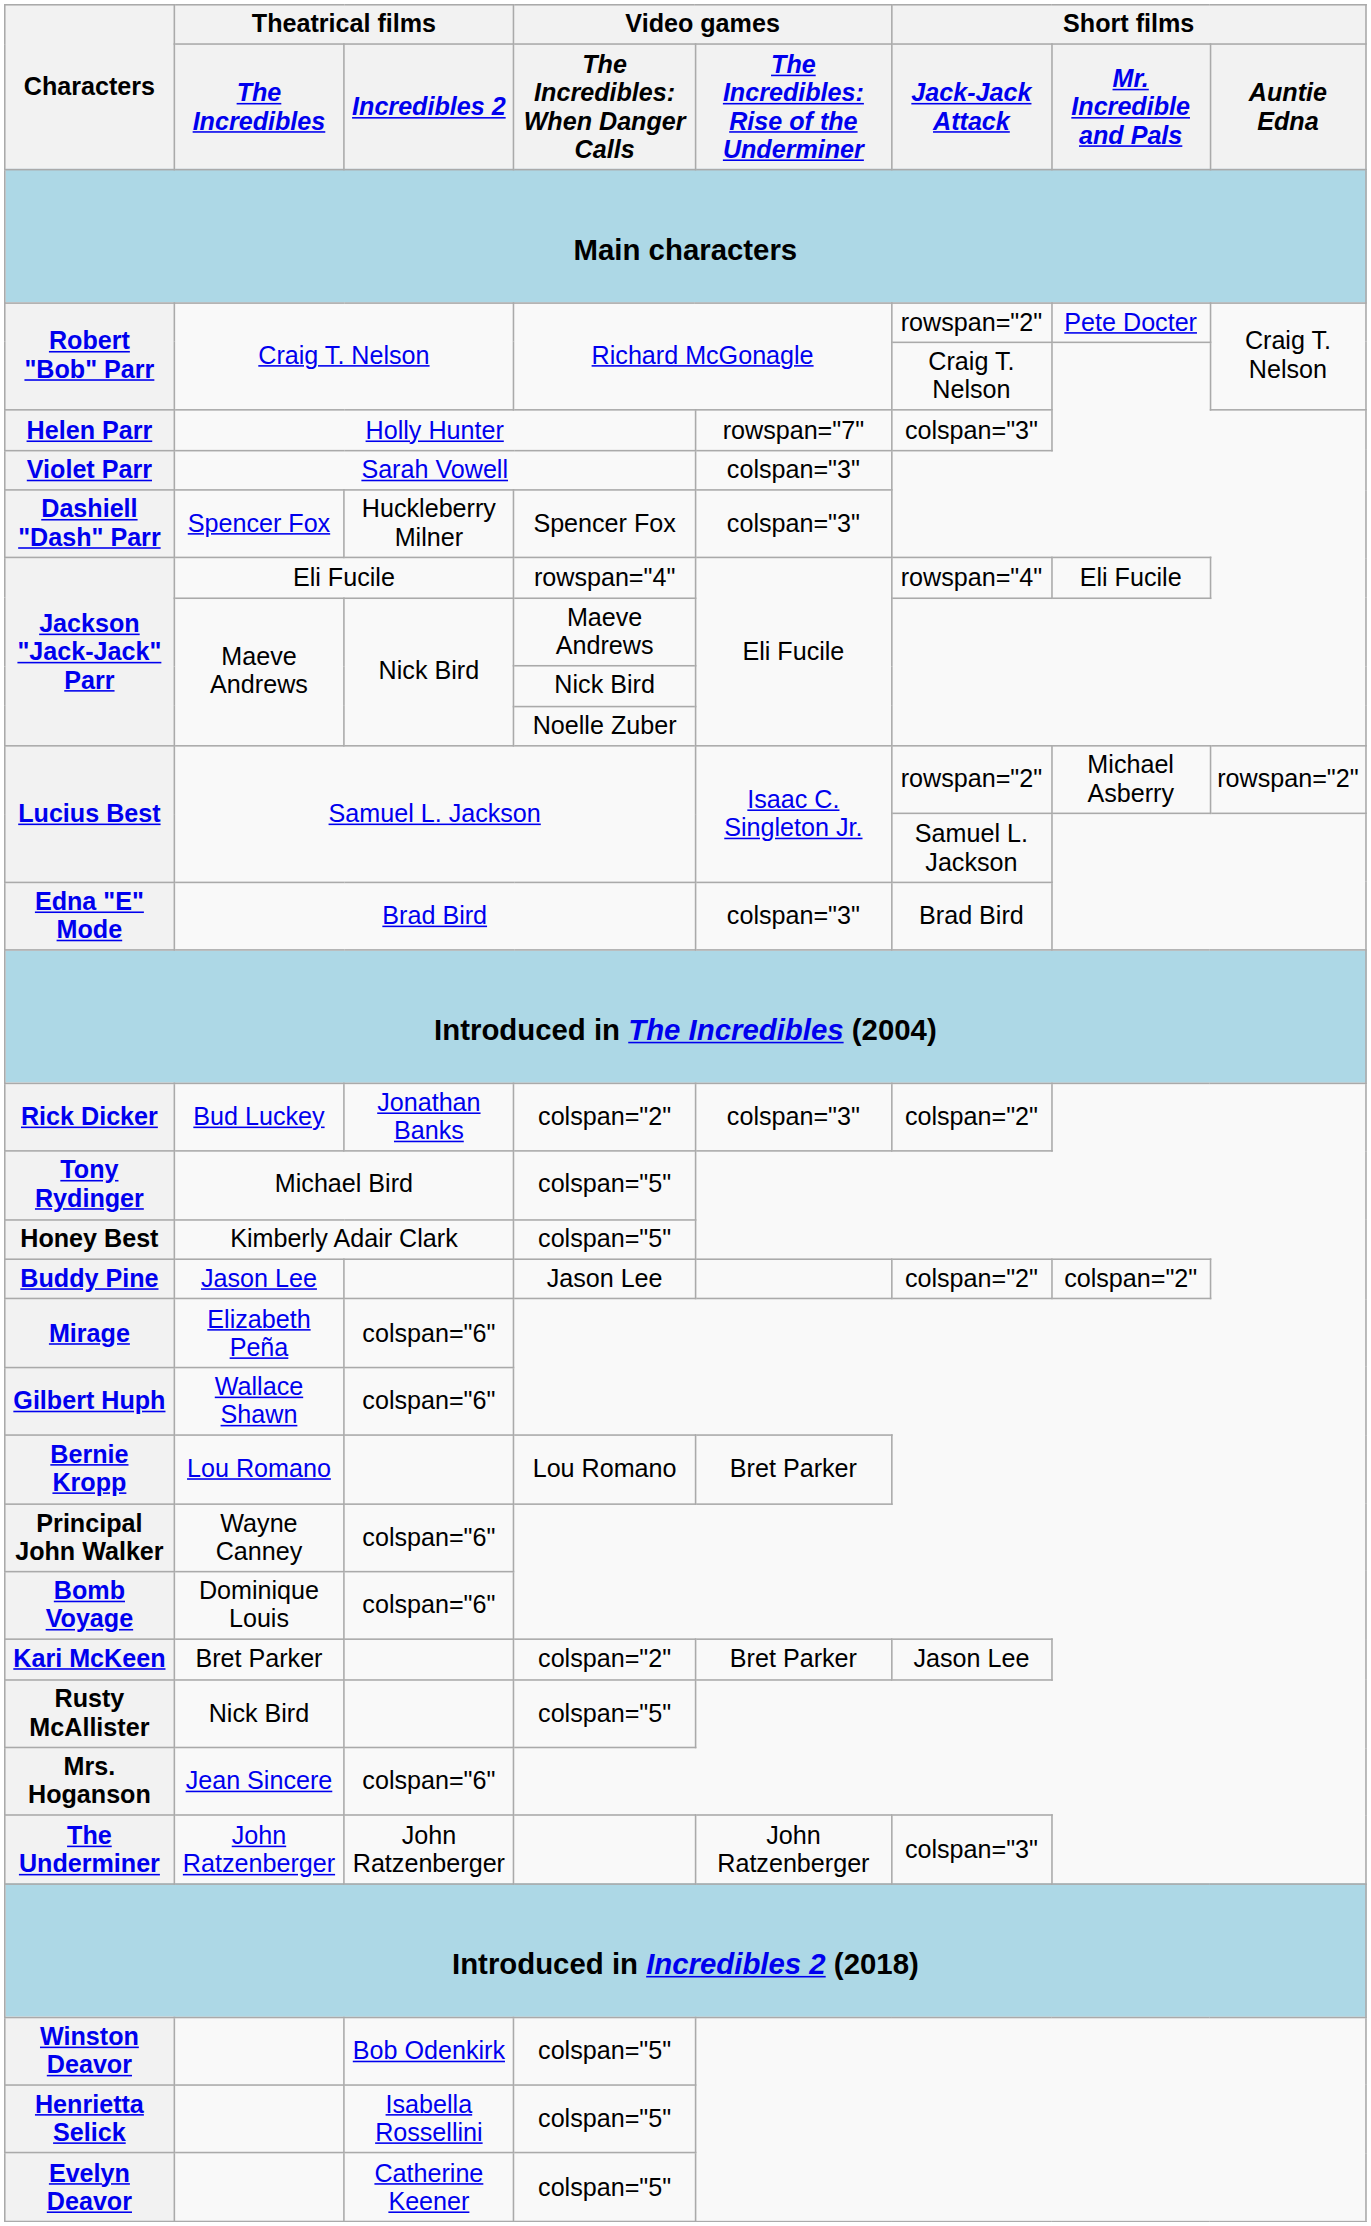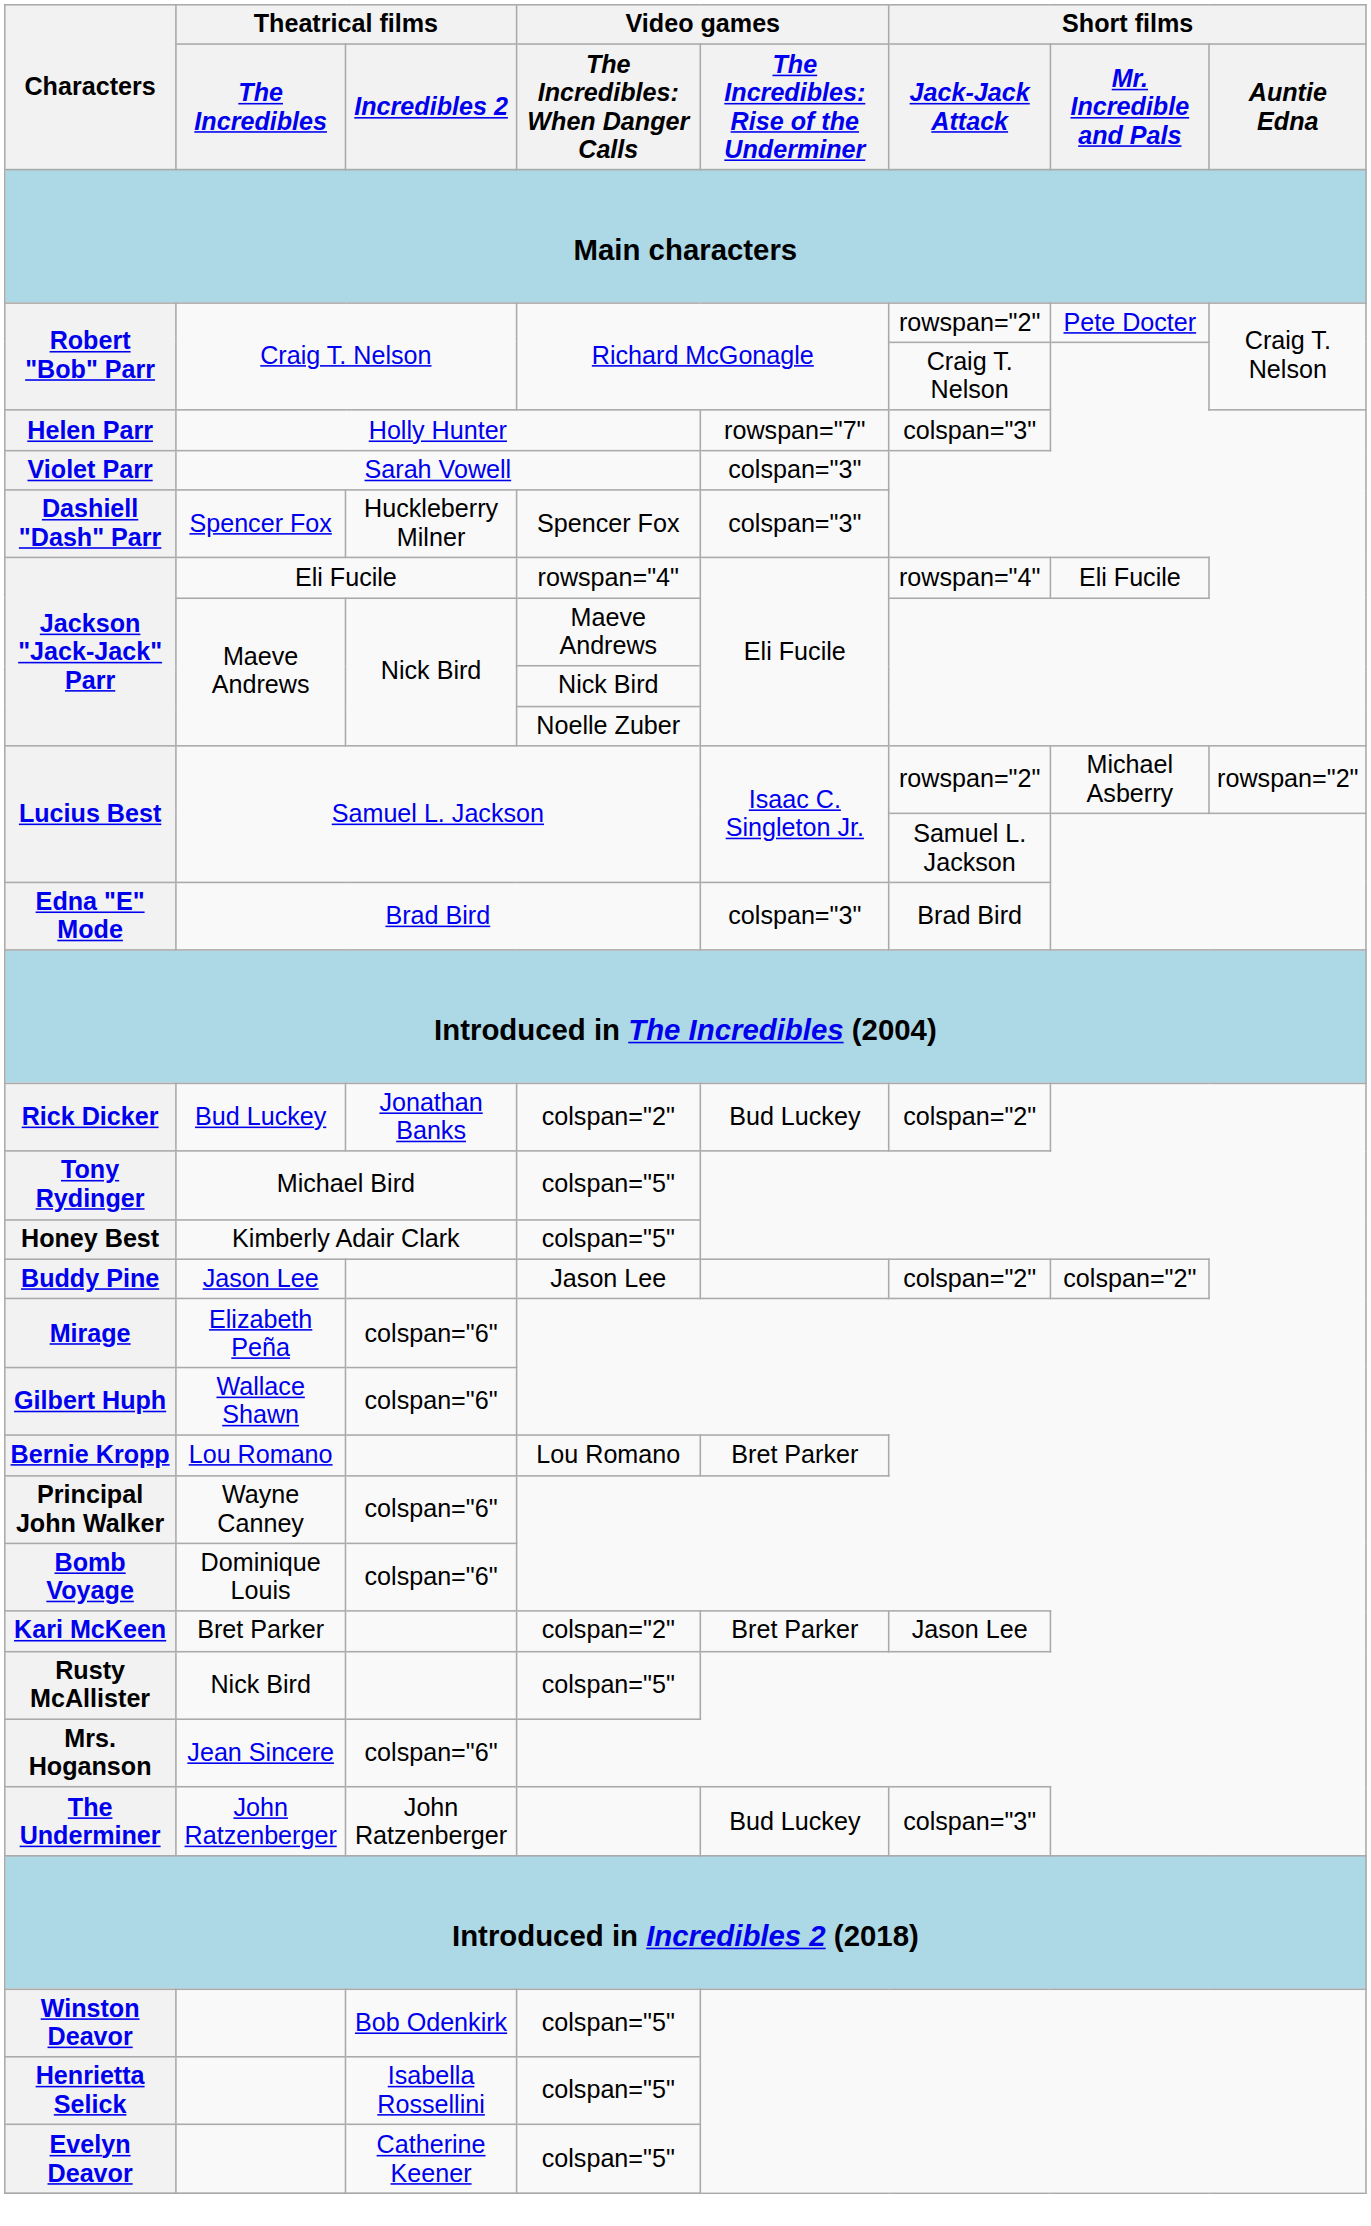 <table class="wikitable plainrowheaders" style="text-align:center;">
 <tr>
 <th rowspan="2">Characters</th>
 <th colspan="2">Theatrical films</th>
 <th colspan="2">Video games</th>
 <th colspan="3">Short films</th>
 </tr>
 <tr>
 <th><em><a href='#'>The Incredibles</a></em></th>
 <th><em><a href='#'>Incredibles 2</a></em></th>
 <th><em>The Incredibles: When Danger Calls</em></th>
 <th><em><a href='#'>The Incredibles: Rise of the Underminer</a></em></th>
 <th><em><a href='#'>Jack-Jack Attack</a></em></th>
 <th><em><a href='#'>Mr. Incredible and Pals</a></em></th>
 <th><em>Auntie Edna</em></th>
 </tr>
 <tr>
 <th colspan="8" style="background:lightblue;"><br><h3>Main characters</h3></th>
 </tr>
 <tr>
 <th rowspan="2"><a href='#'>Robert "Bob" Parr<br></a></th>
 <td rowspan="2" colspan="2"><a href='#'>Craig T. Nelson</a></td>
 <td rowspan="2" colspan="2"><a href='#'>Richard McGonagle</a></td>
 <td>rowspan="2" </td>
 <td><a href='#'>Pete Docter</a></td>
 <td rowspan="2">Craig T. Nelson</td>
 </tr>
 <tr>
 <td>Craig T. Nelson</td>
 </tr>
 <tr>
 <th><a href='#'>Helen Parr<br></a></th>
 <td colspan="3"><a href='#'>Holly Hunter</a></td>
 <td>rowspan="7" </td>
 <td>colspan="3" </td>
 </tr>
 <tr>
 <th><a href='#'>Violet Parr</a></th>
 <td colspan="3"><a href='#'>Sarah Vowell</a></td>
 <td>colspan="3" </td>
 </tr>
 <tr>
 <th><a href='#'>Dashiell "Dash" Parr</a></th>
 <td><a href='#'>Spencer Fox</a></td>
 <td>Huckleberry Milner</td>
 <td>Spencer Fox</td>
 <td>colspan="3" </td>
 </tr>
 <tr>
 <th rowspan="4"><a href='#'>Jackson "Jack-Jack" Parr</a></th>
 <td colspan="2">Eli Fucile</td>
 <td>rowspan="4" </td>
 <td rowspan="4">Eli Fucile</td>
 <td>rowspan="4" </td>
 <td>Eli Fucile</td>
 </tr>
 <tr>
 <td rowspan="3">Maeve Andrews</td>
 <td rowspan="3">Nick Bird</td>
 <td>Maeve Andrews</td>
 </tr>
 <tr>
 <td>Nick Bird</td>
 </tr>
 <tr>
 <td>Noelle Zuber</td>
 </tr>
 <tr>
 <th rowspan="2"><a href='#'>Lucius Best<br></a></th>
 <td rowspan="2" colspan="3"><a href='#'>Samuel L. Jackson</a></td>
 <td rowspan="2"><a href='#'>Isaac C. Singleton Jr.</a></td>
 <td>rowspan="2" </td>
 <td>Michael Asberry</td>
 <td>rowspan="2" </td>
 </tr>
 <tr>
 <td>Samuel L. Jackson</td>
 </tr>
 <tr>
 <th><a href='#'>Edna "E" Mode</a></th>
 <td colspan="3"><a href='#'>Brad Bird</a></td>
 <td>colspan="3" </td>
 <td>Brad Bird</td>
 </tr>
 <tr>
 <th colspan="8" style="background:lightblue;"><br><h3>Introduced in <em><a href='#'>The Incredibles</a></em> (2004)</h3></th>
 </tr>
 <tr>
 <th><a href='#'>Rick Dicker</a></th>
 <td><a href='#'>Bud Luckey</a></td>
 <td><a href='#'>Jonathan Banks</a></td>
 <td>colspan="2" </td>
-<td>colspan="3" </td>
+<td>Bud Luckey</td>
 <td>colspan="2" </td>
 </tr>
 <tr>
 <th><a href='#'>Tony Rydinger</a></th>
 <td colspan="2">Michael Bird</td>
 <td>colspan="5" </td>
 </tr>
 <tr>
 <th>Honey Best</th>
 <td colspan="2">Kimberly Adair Clark</td>
 <td>colspan="5" </td>
 </tr>
 <tr>
 <th><a href='#'>Buddy Pine<br></a></th>
 <td><a href='#'>Jason Lee</a></td>
 <td></td>
 <td>Jason Lee</td>
 <td></td>
 <td>colspan="2" </td>
 <td>colspan="2" </td>
 </tr>
 <tr>
 <th><a href='#'>Mirage</a></th>
 <td><a href='#'>Elizabeth Peña</a></td>
 <td>colspan="6" </td>
 </tr>
 <tr>
 <th><a href='#'>Gilbert Huph</a></th>
 <td><a href='#'>Wallace Shawn</a></td>
 <td>colspan="6" </td>
 </tr>
 <tr>
 <th><a href='#'>Bernie Kropp</a></th>
 <td><a href='#'>Lou Romano</a></td>
 <td></td>
 <td>Lou Romano</td>
 <td>Bret Parker</td>
 </tr>
 <tr>
 <th>Principal John Walker</th>
 <td>Wayne Canney</td>
 <td>colspan="6" </td>
 </tr>
 <tr>
 <th><a href='#'>Bomb Voyage</a></th>
 <td>Dominique Louis</td>
 <td>colspan="6" </td>
 </tr>
 <tr>
 <th><a href='#'>Kari McKeen</a></th>
 <td>Bret Parker</td>
 <td></td>
 <td>colspan="2" </td>
 <td>Bret Parker</td>
 <td>Jason Lee</td>
 </tr>
 <tr>
 <th>Rusty McAllister</th>
 <td>Nick Bird</td>
 <td></td>
 <td>colspan="5" </td>
 </tr>
 <tr>
 <th>Mrs. Hoganson</th>
 <td><a href='#'>Jean Sincere</a></td>
 <td>colspan="6" </td>
 </tr>
 <tr>
 <th><a href='#'>The Underminer</a></th>
 <td colspan="1"><a href='#'>John Ratzenberger</a></td>
 <td colspan="1">John Ratzenberger</td>
 <td></td>
-<td>John Ratzenberger</td>
+<td>Bud Luckey</td>
 <td>colspan="3" </td>
 </tr>
 <tr>
 <th colspan="8" style="background:lightblue;"><br><h3>Introduced in <em><a href='#'>Incredibles 2</a></em> (2018)</h3></th>
 </tr>
 <tr>
 <th><a href='#'>Winston Deavor</a></th>
 <td></td>
 <td><a href='#'>Bob Odenkirk</a></td>
 <td>colspan="5" </td>
 </tr>
 <tr>
 <th><a href='#'>Henrietta Selick</a></th>
 <td></td>
 <td><a href='#'>Isabella Rossellini</a></td>
 <td>colspan="5" </td>
 </tr>
 <tr>
 <th><a href='#'>Evelyn Deavor<br></a></th>
 <td></td>
 <td><a href='#'>Catherine Keener</a></td>
 <td>colspan="5" </td>
 </tr>
 <tr>
 </tr>
 </table>
